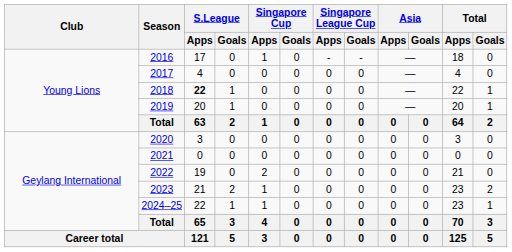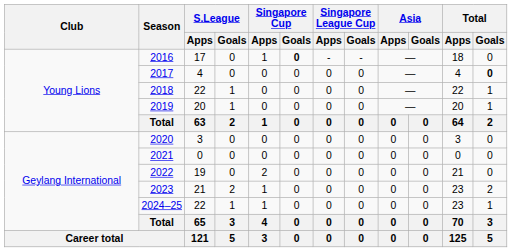 <table class="wikitable" style="text-align:center">
 <tr>
 <th rowspan=2 width=200>Club</th>
 <th rowspan=2>Season</th>
 <th colspan=2><a href='#'>S.League</a></th>
 <th colspan=2><a href='#'>Singapore Cup</a></th>
 <th colspan=2><a href='#'>Singapore<br>League Cup</a></th>
 <th colspan="2"><a href='#'>Asia</a></th>
 <th colspan=2>Total</th>
 </tr>
 <tr>
 <th width=40>Apps</th>
 <th width=40>Goals</th>
 <th width=40>Apps</th>
 <th width=40>Goals</th>
 <th width=40>Apps</th>
 <th width=40>Goals</th>
 <th width=40>Apps</th>
 <th width=40>Goals</th>
 <th width=40>Apps</th>
 <th width=40>Goals</th>
 </tr>
 <tr>
 <td rowspan=5><a href='#'>Young Lions</a></td>
 <td><a href='#'>2016</a></td>
 <td>17</td>
 <td>0</td>
 <td>1</td>
-<td>0</td>
+<td><strong>0</strong></td>
 <td>-</td>
 <td>-</td>
 <td colspan='2'>—</td>
 <td>18</td>
 <td>0</td>
 </tr>
 <tr>
 <td><a href='#'>2017</a></td>
 <td>4</td>
 <td>0</td>
 <td>0</td>
 <td>0</td>
 <td>0</td>
 <td>0</td>
 <td colspan='2'>—</td>
 <td>4</td>
-<td>0</td>
+<td><strong>0</strong></td>
 </tr>
 <tr>
 <td><a href='#'>2018</a></td>
-<td><strong>22</strong></td>
+<td>22</td>
 <td>1</td>
 <td>0</td>
 <td>0</td>
 <td>0</td>
 <td>0</td>
 <td colspan='2'>—</td>
 <td>22</td>
 <td>1</td>
 </tr>
 <tr>
 <td><a href='#'>2019</a></td>
 <td>20</td>
 <td>1</td>
 <td>0</td>
 <td>0</td>
 <td>0</td>
 <td>0</td>
 <td colspan='2'>—</td>
 <td>20</td>
 <td>1</td>
 </tr>
 <tr>
 <th>Total</th>
 <th>63</th>
 <th>2</th>
 <th>1</th>
 <th>0</th>
 <th>0</th>
 <th>0</th>
 <th>0</th>
 <th>0</th>
 <th>64</th>
 <th>2</th>
 </tr>
 <tr>
 <td rowspan=6><a href='#'>Geylang International</a></td>
 <td><a href='#'>2020</a></td>
 <td>3</td>
 <td>0</td>
 <td>0</td>
 <td>0</td>
 <td>0</td>
 <td>0</td>
 <td>0</td>
 <td>0</td>
 <td>3</td>
 <td>0</td>
 </tr>
 <tr>
 <td><a href='#'>2021</a></td>
 <td>0</td>
 <td>0</td>
 <td>0</td>
 <td>0</td>
 <td>0</td>
 <td>0</td>
 <td>0</td>
 <td>0</td>
 <td>0</td>
 <td>0</td>
 </tr>
 <tr>
 <td><a href='#'>2022</a></td>
 <td>19</td>
 <td>0</td>
 <td>2</td>
 <td>0</td>
 <td>0</td>
 <td>0</td>
 <td>0</td>
 <td>0</td>
 <td>21</td>
 <td>0</td>
 </tr>
 <tr>
 <td><a href='#'>2023</a></td>
 <td>21</td>
 <td>2</td>
 <td>1</td>
 <td>0</td>
 <td>0</td>
 <td>0</td>
 <td>0</td>
 <td>0</td>
 <td>23</td>
 <td>2</td>
 </tr>
 <tr>
 <td><a href='#'>2024–25</a></td>
 <td>22</td>
 <td>1</td>
 <td>1</td>
 <td>0</td>
 <td>0</td>
 <td>0</td>
 <td>0</td>
 <td>0</td>
 <td>23</td>
 <td>1</td>
 </tr>
 <tr>
 <th>Total</th>
 <th>65</th>
 <th>3</th>
 <th>4</th>
 <th>0</th>
 <th>0</th>
 <th>0</th>
 <th>0</th>
 <th>0</th>
 <th>70</th>
 <th>3</th>
 </tr>
 <tr>
 <th colspan=2>Career total</th>
 <th>121</th>
 <th>5</th>
 <th>3</th>
 <th>0</th>
 <th>0</th>
 <th>0</th>
 <th>0</th>
 <th>0</th>
 <th>125</th>
 <th>5</th>
 </tr>
 </table>
